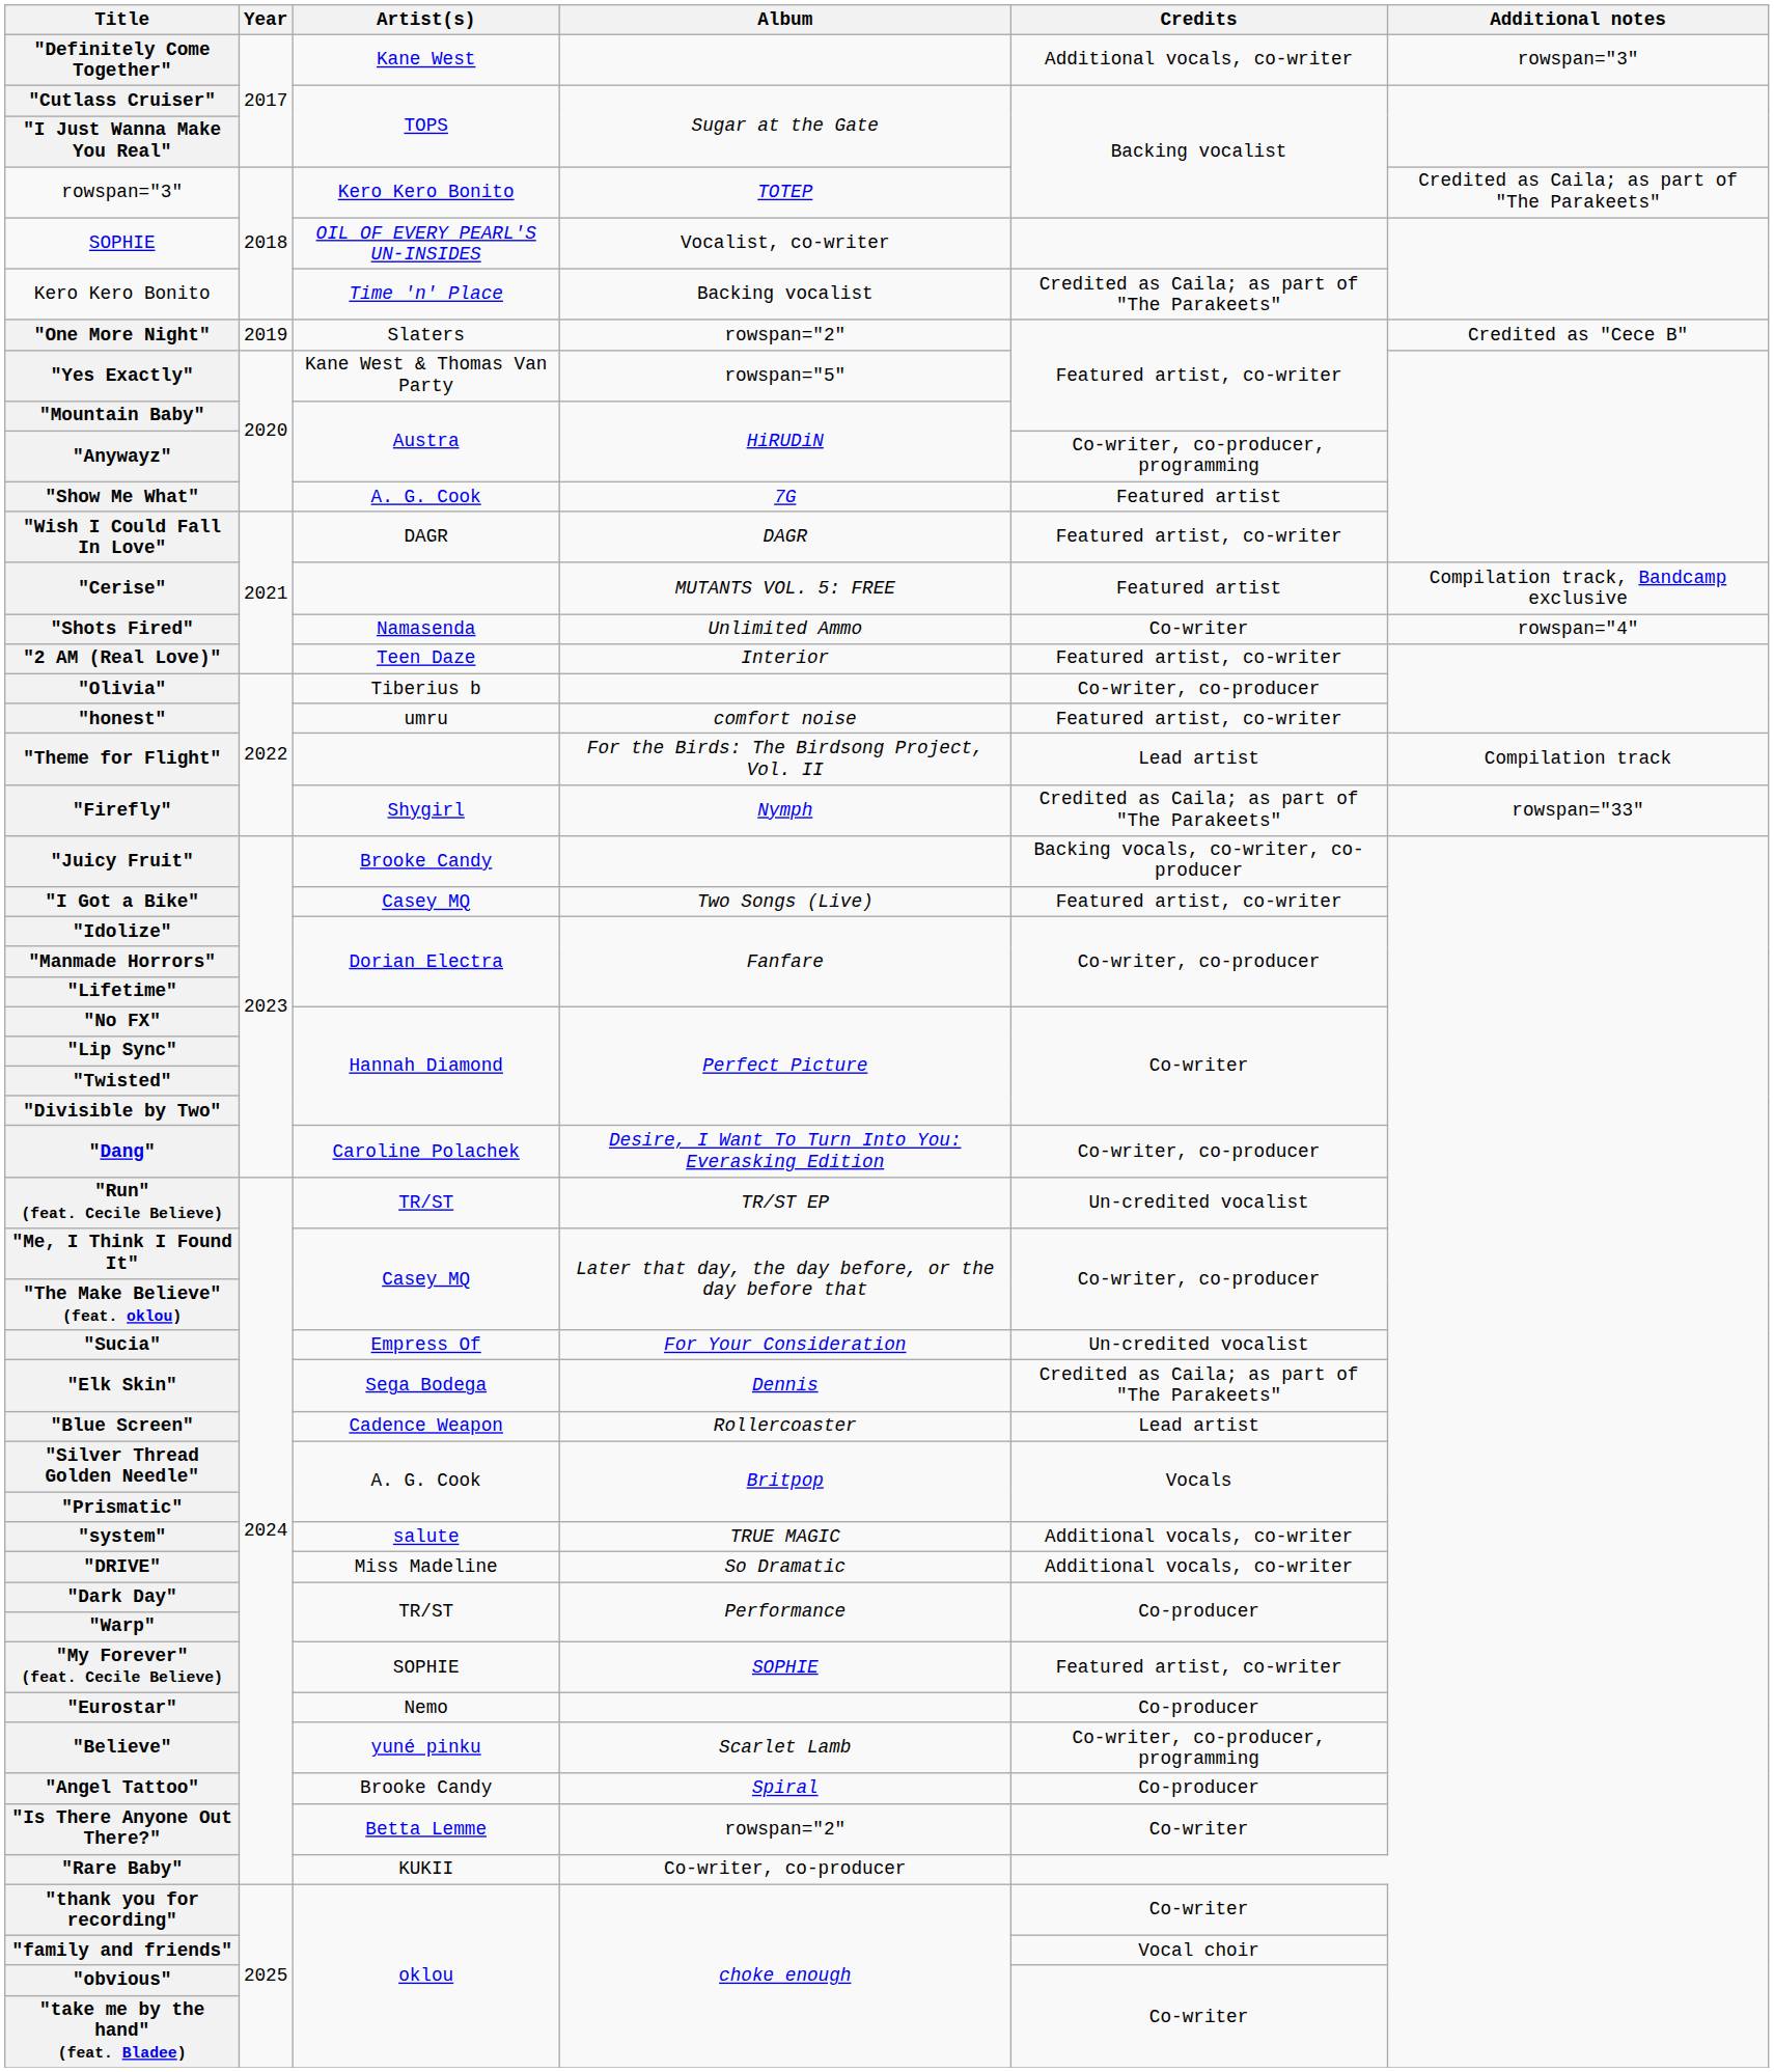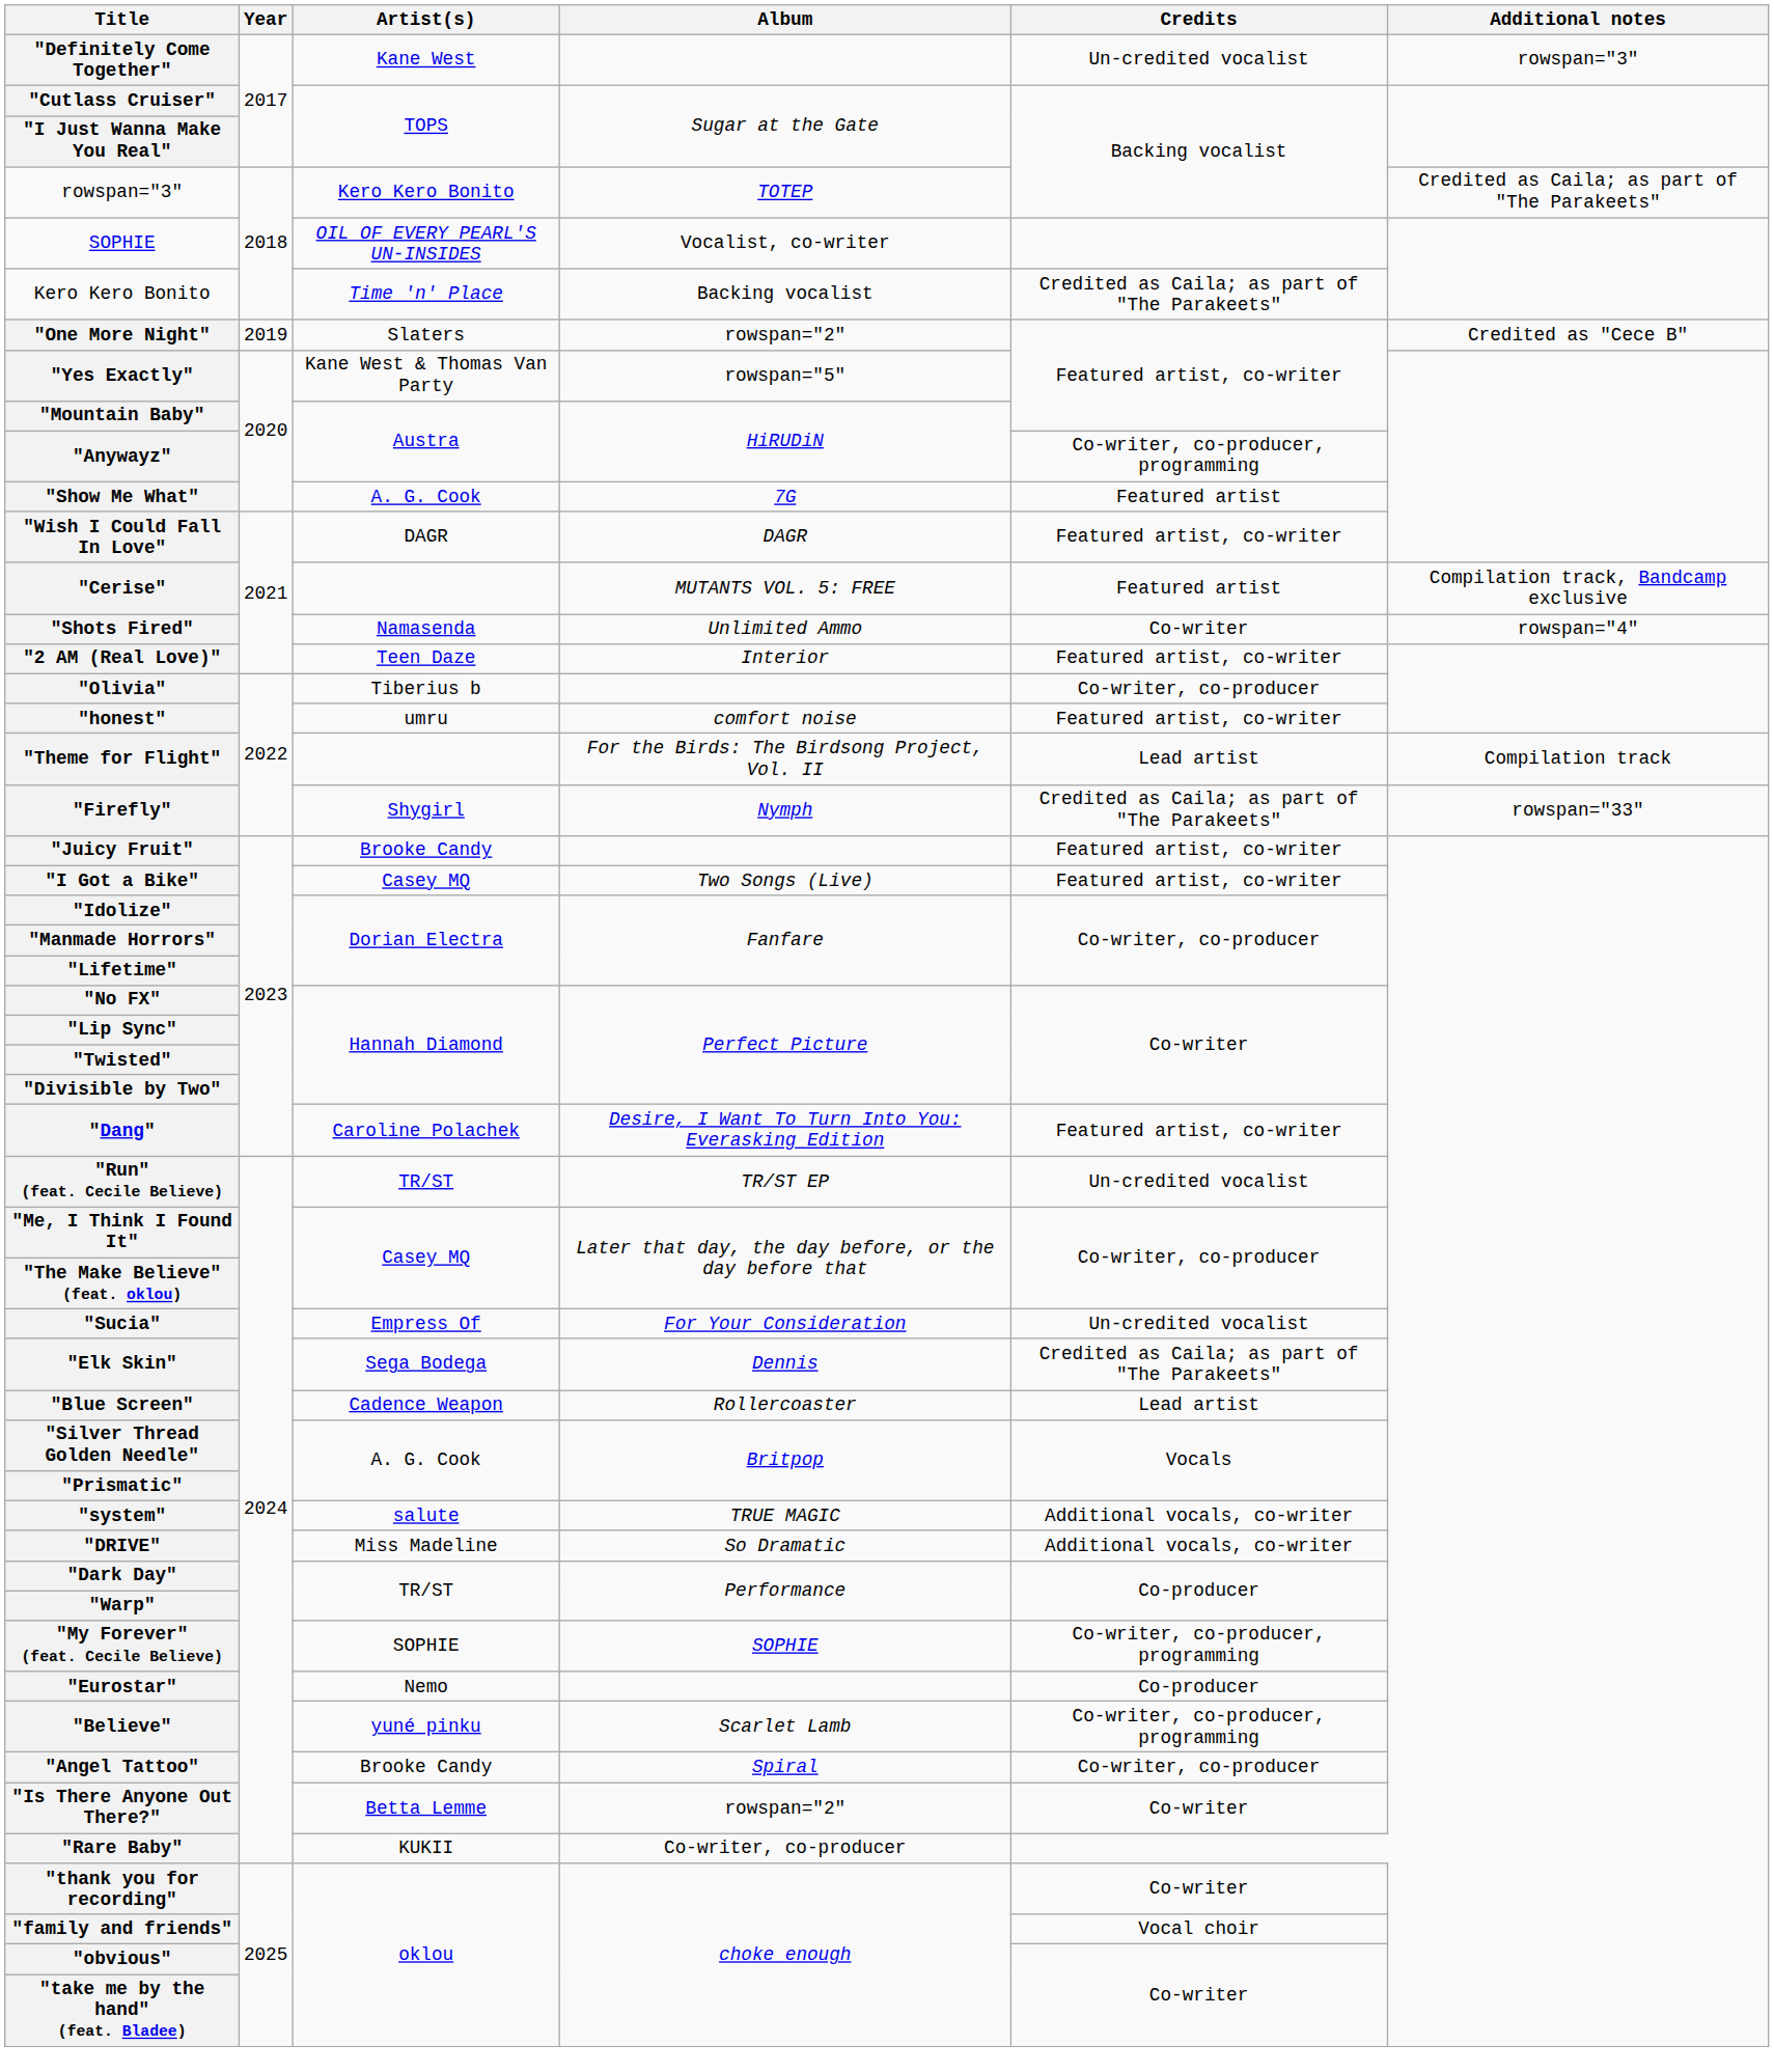 <table class="wikitable plainrowheaders" style="text-align:center;">
 <tr>
 <th scope="col" style="width:160px;">Title</th>
 <th scope="col">Year</th>
 <th scope="col">Artist(s)</th>
 <th>Album</th>
 <th scope="col">Credits</th>
 <th scope="col">Additional notes</th>
 </tr>
 <tr>
 <th scope="row">"Definitely Come Together"</th>
 <td rowspan="3">2017</td>
 <td><a href='#'>Kane West</a></td>
 <td></td>
-<td>Additional vocals, co-writer</td>
+<td>Un-credited vocalist</td>
 <td>rowspan="3" </td>
 </tr>
 <tr>
 <th scope="row">"Cutlass Cruiser"</th>
 <td rowspan="2"><a href='#'>TOPS</a></td>
 <td rowspan="2"><em>Sugar at the Gate</em></td>
 <td rowspan="3">Backing vocalist</td>
 </tr>
 <tr>
 <th scope="row">"I Just Wanna Make You Real"</th>
 </tr>
 <tr>
 <td>rowspan="3" </td>
 <td rowspan="3">2018</td>
 <td><a href='#'>Kero Kero Bonito</a></td>
 <td><em><a href='#'>TOTEP</a></em></td>
 <td>Credited as Caila; as part of "The Parakeets"</td>
 </tr>
 <tr>
 <td><a href='#'>SOPHIE</a></td>
 <td><em><a href='#'>OIL OF EVERY PEARL'S UN-INSIDES</a></em></td>
 <td>Vocalist, co-writer</td>
 <td></td>
 </tr>
 <tr>
 <td>Kero Kero Bonito</td>
 <td><em><a href='#'>Time 'n' Place</a></em></td>
 <td>Backing vocalist</td>
 <td>Credited as Caila; as part of "The Parakeets"</td>
 </tr>
 <tr>
 <th scope="row">"One More Night"</th>
 <td>2019</td>
 <td>Slaters</td>
 <td>rowspan="2" </td>
 <td rowspan="3">Featured artist, co-writer</td>
 <td>Credited as "Cece B"</td>
 </tr>
 <tr>
 <th scope="row">"Yes Exactly"</th>
 <td rowspan="4">2020</td>
 <td>Kane West & Thomas Van Party</td>
 <td>rowspan="5" </td>
 </tr>
 <tr>
 <th scope="row">"Mountain Baby"</th>
 <td rowspan="2"><a href='#'>Austra</a></td>
 <td rowspan="2"><a href='#'><em>HiRUDiN</em></a></td>
 </tr>
 <tr>
 <th scope="row">"Anywayz"</th>
 <td>Co-writer, co-producer, programming</td>
 </tr>
 <tr>
 <th scope="row">"Show Me What"</th>
 <td><a href='#'>A. G. Cook</a></td>
 <td><em><a href='#'>7G</a></em></td>
 <td>Featured artist</td>
 </tr>
 <tr>
 <th scope="row">"Wish I Could Fall In Love"</th>
 <td rowspan="4">2021</td>
 <td>DAGR</td>
 <td><em>DAGR</em></td>
 <td>Featured artist, co-writer</td>
 </tr>
 <tr>
 <th scope="row">"Cerise"</th>
 <td></td>
 <td><em>MUTANTS VOL. 5: FREE</em></td>
 <td>Featured artist</td>
 <td>Compilation track, <a href='#'>Bandcamp</a> exclusive</td>
 </tr>
 <tr>
 <th scope="row">"Shots Fired"</th>
 <td><a href='#'>Namasenda</a></td>
 <td><em>Unlimited Ammo</em></td>
 <td>Co-writer</td>
 <td>rowspan="4" </td>
 </tr>
 <tr>
 <th scope="row">"2 AM (Real Love)"</th>
 <td><a href='#'>Teen Daze</a></td>
 <td><em>Interior</em></td>
 <td>Featured artist, co-writer</td>
 </tr>
 <tr>
 <th scope="row">"Olivia"</th>
 <td rowspan="4">2022</td>
 <td>Tiberius b</td>
 <td></td>
 <td>Co-writer, co-producer</td>
 </tr>
 <tr>
 <th scope="row">"honest"</th>
 <td>umru</td>
 <td><em>comfort noise</em></td>
 <td>Featured artist, co-writer</td>
 </tr>
 <tr>
 <th scope="row">"Theme for Flight"</th>
 <td></td>
 <td><em>For the Birds: The Birdsong Project, Vol. II</em></td>
 <td>Lead artist</td>
 <td>Compilation track</td>
 </tr>
 <tr>
 <th scope="row">"Firefly"</th>
 <td><a href='#'>Shygirl</a></td>
 <td><em><a href='#'>Nymph</a></em></td>
 <td>Credited as Caila; as part of "The Parakeets"</td>
 <td>rowspan="33" </td>
 </tr>
 <tr>
 <th scope="row">"Juicy Fruit"</th>
 <td rowspan="10">2023</td>
 <td><a href='#'>Brooke Candy</a></td>
 <td></td>
-<td>Backing vocals, co-writer, co-producer</td>
+<td>Featured artist, co-writer</td>
 </tr>
 <tr>
 <th scope="row">"I Got a Bike"</th>
 <td><a href='#'>Casey MQ</a></td>
 <td><em>Two Songs (Live)</em></td>
 <td>Featured artist, co-writer</td>
 </tr>
 <tr>
 <th scope="row">"Idolize"</th>
 <td rowspan="3"><a href='#'>Dorian Electra</a></td>
 <td rowspan="3"><em>Fanfare</em></td>
 <td rowspan="3">Co-writer, co-producer</td>
 </tr>
 <tr>
 <th scope="row">"Manmade Horrors"</th>
 </tr>
 <tr>
 <th scope="row">"Lifetime"</th>
 </tr>
 <tr>
 <th scope="row">"No FX"</th>
 <td rowspan="4"><a href='#'>Hannah Diamond</a></td>
 <td rowspan="4"><em><a href='#'>Perfect Picture</a></em></td>
 <td rowspan="4">Co-writer</td>
 </tr>
 <tr>
 <th scope="row">"Lip Sync"</th>
 </tr>
 <tr>
 <th scope="row">"Twisted"</th>
 </tr>
 <tr>
 <th scope="row">"Divisible by Two"</th>
 </tr>
 <tr>
 <th scope="row">"<a href='#'>Dang</a>"</th>
 <td><a href='#'>Caroline Polachek</a></td>
 <td><em><a href='#'>Desire, I Want To Turn Into You: Everasking Edition</a></em></td>
-<td>Co-writer, co-producer</td>
+<td>Featured artist, co-writer</td>
 </tr>
 <tr>
 <th scope="row">"Run"<br><small>(feat. Cecile Believe)</small></th>
 <td rowspan="18">2024</td>
 <td><a href='#'>TR/ST</a></td>
 <td><em>TR/ST EP</em></td>
 <td>Un-credited vocalist</td>
 </tr>
 <tr>
 <th scope="row">"Me, I Think I Found It"</th>
 <td rowspan="2"><a href='#'>Casey MQ</a></td>
 <td rowspan="2"><em>Later that day, the day before, or the day before that</em></td>
 <td rowspan="2">Co-writer, co-producer</td>
 </tr>
 <tr>
 <th scope="row">"The Make Believe"<br><small>(feat. <a href='#'>oklou</a>)</small></th>
 </tr>
 <tr>
 <th scope="row">"Sucia"</th>
 <td><a href='#'>Empress Of</a></td>
 <td><em><a href='#'>For Your Consideration</a></em></td>
 <td>Un-credited vocalist</td>
 </tr>
 <tr>
 <th scope="row">"Elk Skin"</th>
 <td><a href='#'>Sega Bodega</a></td>
 <td><em><a href='#'>Dennis</a></em></td>
 <td>Credited as Caila; as part of "The Parakeets"</td>
 </tr>
 <tr>
 <th scope="row">"Blue Screen"</th>
 <td><a href='#'>Cadence Weapon</a></td>
 <td><em>Rollercoaster</em></td>
 <td>Lead artist</td>
 </tr>
 <tr>
 <th scope="row">"Silver Thread Golden Needle"</th>
 <td rowspan="2">A. G. Cook</td>
 <td rowspan="2"><em><a href='#'>Britpop</a></em></td>
 <td rowspan="2">Vocals</td>
 </tr>
 <tr>
 <th scope="row">"Prismatic"</th>
 </tr>
 <tr>
 <th scope="row">"system"</th>
 <td><a href='#'>salute</a></td>
 <td><em>TRUE MAGIC</em></td>
 <td>Additional vocals, co-writer</td>
 </tr>
 <tr>
 <th scope="row">"DRIVE"</th>
 <td>Miss Madeline</td>
 <td><em>So Dramatic</em></td>
 <td>Additional vocals, co-writer</td>
 </tr>
 <tr>
 <th scope="row">"Dark Day"</th>
 <td rowspan="2">TR/ST</td>
 <td rowspan="2"><em>Performance</em></td>
 <td rowspan="2">Co-producer</td>
 </tr>
 <tr>
 <th scope="row">"Warp"</th>
 </tr>
 <tr>
 <th scope="row">"My Forever"<br><small>(feat. Cecile Believe)</small></th>
 <td>SOPHIE</td>
 <td><em><a href='#'>SOPHIE</a></em></td>
-<td>Featured artist, co-writer</td>
+<td>Co-writer, co-producer, programming</td>
 </tr>
 <tr>
 <th scope="row">"Eurostar"</th>
 <td>Nemo</td>
 <td></td>
 <td>Co-producer</td>
 </tr>
 <tr>
 <th scope="row">"Believe"</th>
 <td><a href='#'>yuné pinku</a></td>
 <td><em>Scarlet Lamb</em></td>
 <td>Co-writer, co-producer, programming</td>
 </tr>
 <tr>
 <th scope="row">"Angel Tattoo"</th>
 <td>Brooke Candy</td>
 <td><em><a href='#'>Spiral</a></em></td>
-<td>Co-producer</td>
+<td>Co-writer, co-producer</td>
 </tr>
 <tr>
 <th scope="row">"Is There Anyone Out There?"</th>
 <td><a href='#'>Betta Lemme</a></td>
 <td>rowspan="2" </td>
 <td>Co-writer</td>
 </tr>
 <tr>
 <th scope="row">"Rare Baby"</th>
 <td>KUKII</td>
 <td>Co-writer, co-producer</td>
 </tr>
 <tr>
 <th scope="row">"thank you for recording"</th>
 <td rowspan="4">2025</td>
 <td rowspan="4"><a href='#'>oklou</a></td>
 <td rowspan="4"><em><a href='#'>choke enough</a></em></td>
 <td>Co-writer</td>
 </tr>
 <tr>
 <th scope="row">"family and friends"</th>
 <td>Vocal choir</td>
 </tr>
 <tr>
 <th scope="row">"obvious"</th>
 <td rowspan="2">Co-writer</td>
 </tr>
 <tr>
 <th scope="row">"take me by the hand"<br><small>(feat. <a href='#'>Bladee</a>)</small></th>
 </tr>
 </table>
